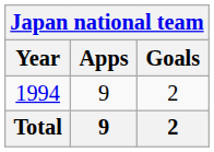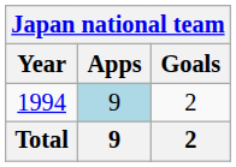 <table class="wikitable" style="text-align:center">
 <tr>
 <th colspan=3><a href='#'>Japan national team</a></th>
 </tr>
 <tr>
 <th>Year</th>
 <th>Apps</th>
 <th>Goals</th>
 </tr>
 <tr>
 <td><a href='#'>1994</a></td>
-<td>9</td>
+<td style="background: lightblue;">9</td>
 <td>2</td>
 </tr>
 <tr>
 <th>Total</th>
 <th>9</th>
 <th>2</th>
 </tr>
 </table>
